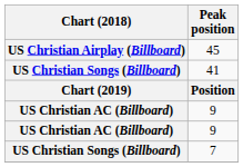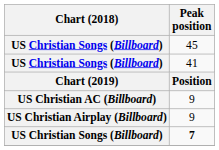 <table class="wikitable plainrowheaders" style="text-align:center">
 <tr>
 <th scope="col">Chart (2018)</th>
 <th scope="col">Peak<br>position</th>
 </tr>
 <tr>
-<th scope="row">US <a href='#'>Christian Airplay</a> (<em><a href='#'>Billboard</a></em>)</th>
+<th scope="row">US <a href='#'>Christian Songs</a> (<em><a href='#'>Billboard</a></em>)</th>
 <td>45</td>
 </tr>
 <tr>
 <th scope="row">US <a href='#'>Christian Songs</a> (<em><a href='#'>Billboard</a></em>)</th>
 <td>41</td>
 </tr>
 <tr>
 <th scope="col">Chart (2019)</th>
 <th scope="col">Position</th>
 </tr>
 <tr>
 <th scope="row">US Christian AC (<em>Billboard</em>)</th>
 <td>9</td>
 </tr>
 <tr>
-<th scope="row">US Christian AC (<em>Billboard</em>)</th>
+<th scope="row">US Christian Airplay (<em>Billboard</em>)</th>
 <td>9</td>
 </tr>
 <tr>
 <th scope="row">US Christian Songs (<em>Billboard</em>)</th>
-<td>7</td>
+<td><strong>7</strong></td>
 </tr>
 <tr>
 </tr>
 </table>
